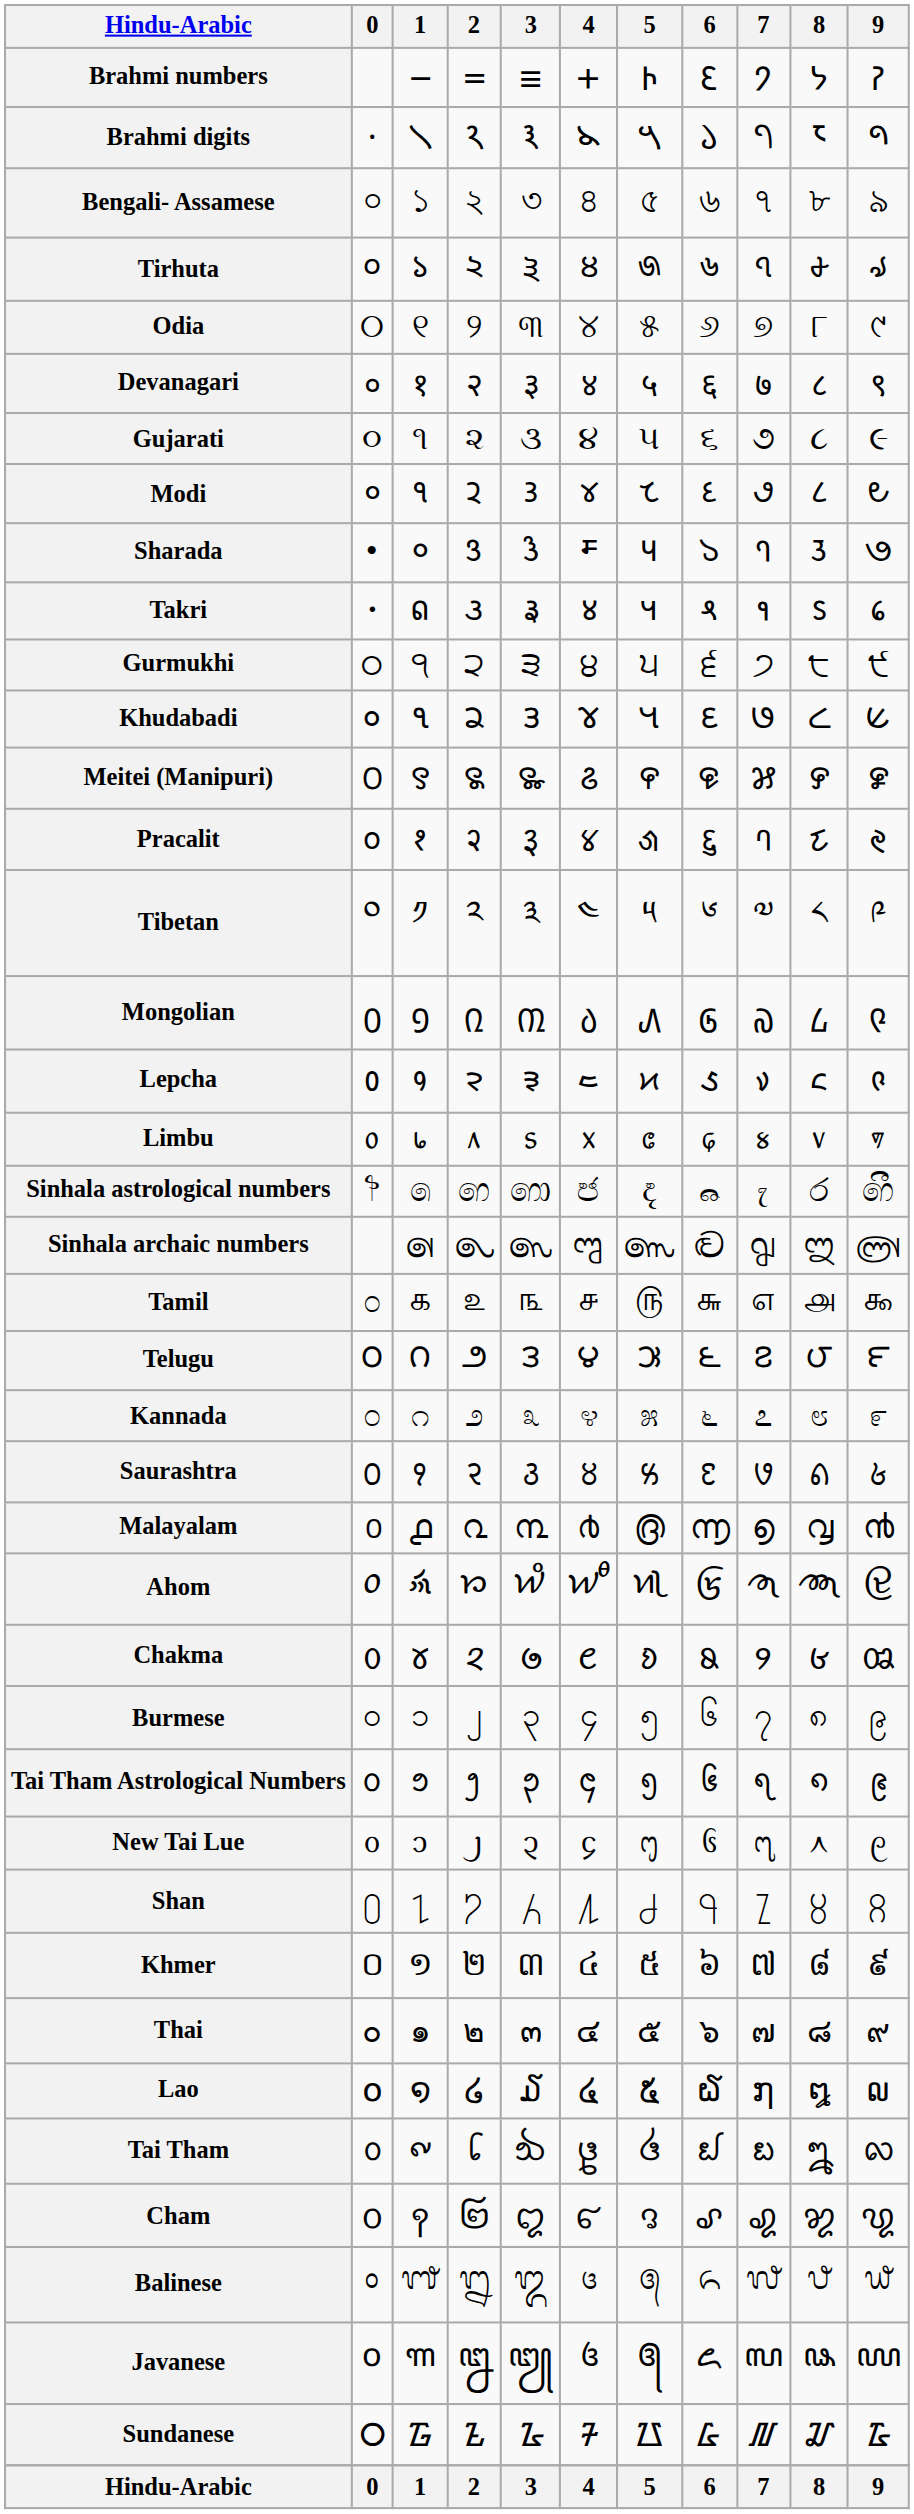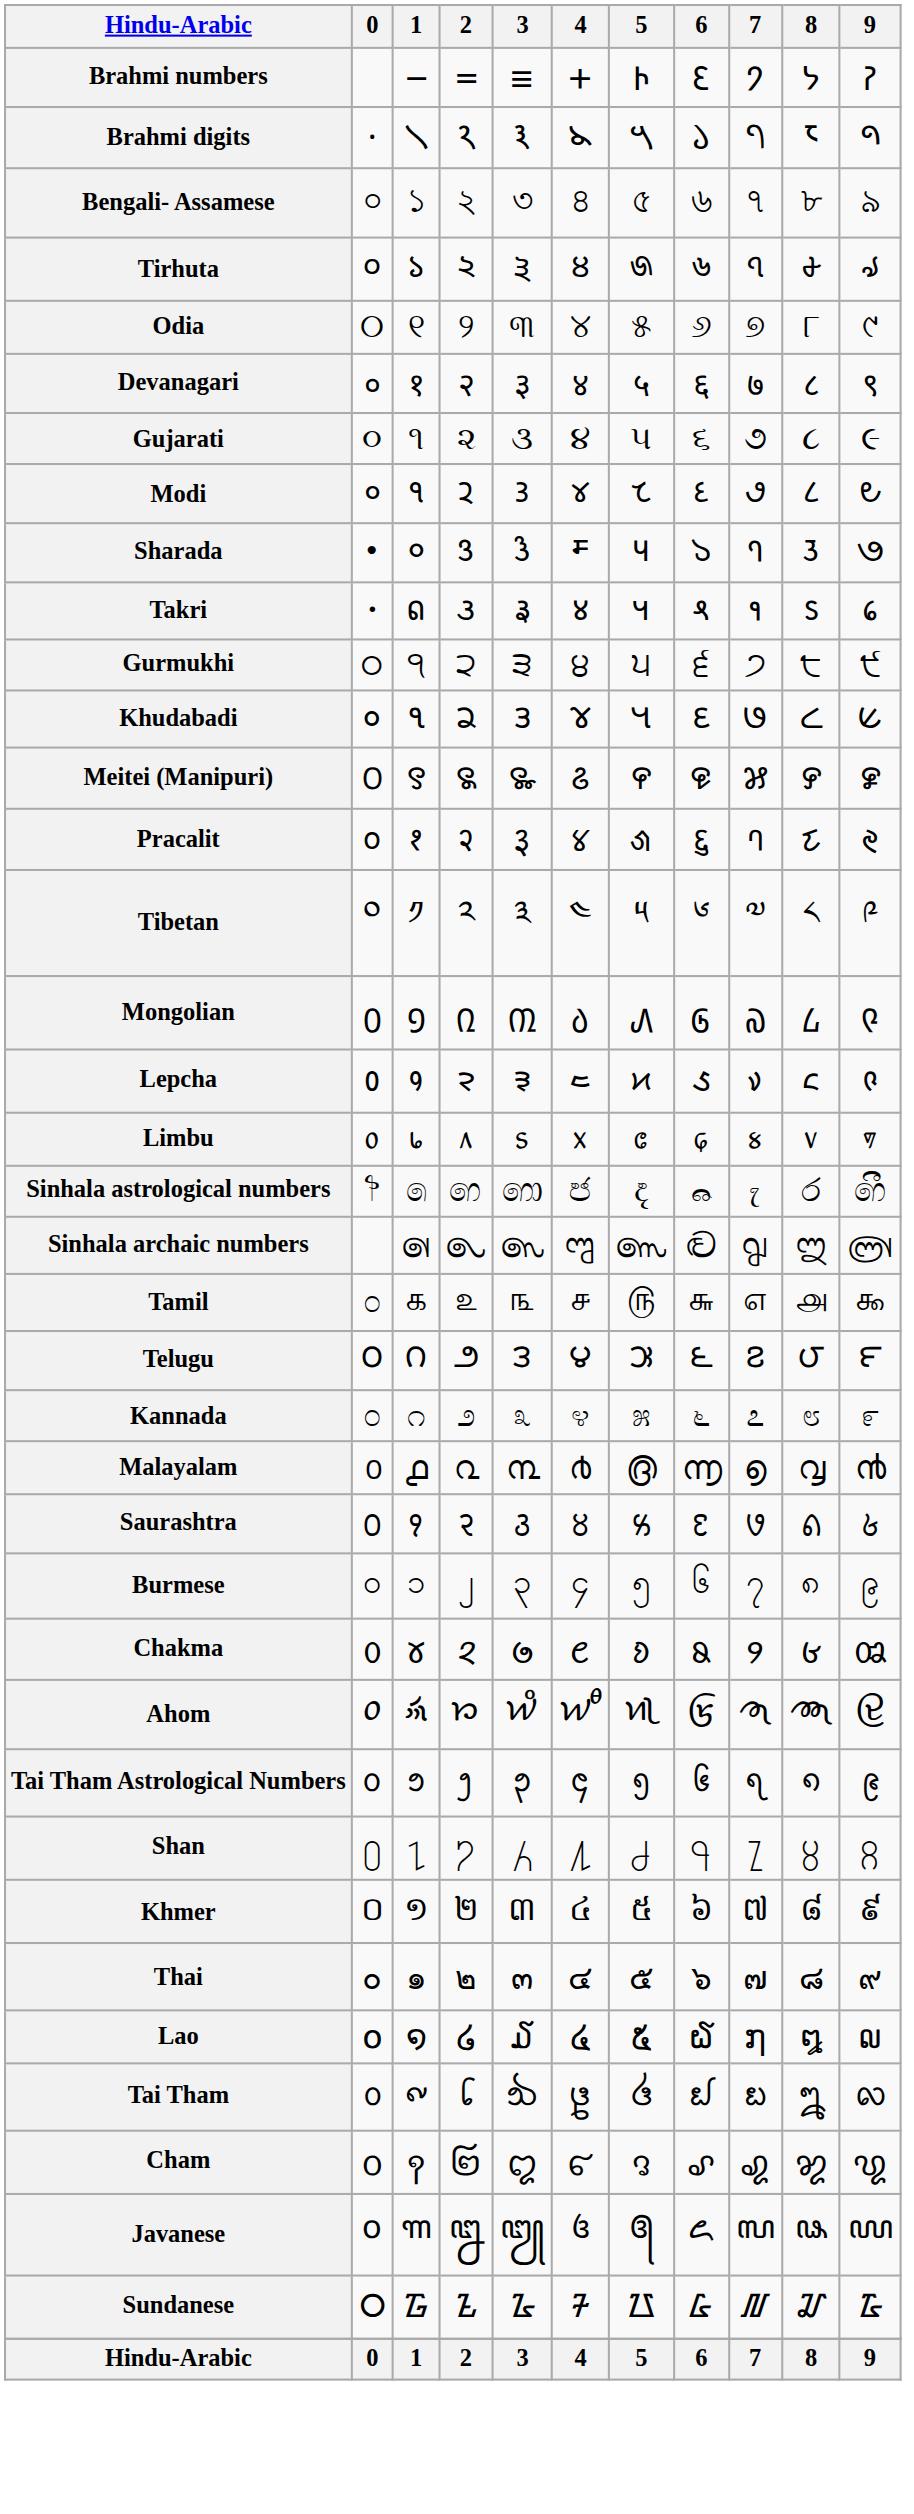 <table class="wikitable Unicode" style="text-align:center; font-size:100%;">
 <tr style="font-size: 75%;">
 <th><a href='#'>Hindu-Arabic</a></th>
 <th>0</th>
 <th>1</th>
 <th>2</th>
 <th>3</th>
 <th>4</th>
 <th>5</th>
 <th>6</th>
 <th>7</th>
 <th>8</th>
 <th>9</th>
 </tr>
 <tr>
 <th style="font-size: 75%;">Brahmi numbers</th>
 <td></td>
 <td>𑁒</td>
 <td>𑁓</td>
 <td>𑁔</td>
 <td>𑁕</td>
 <td>𑁖</td>
 <td>𑁗</td>
 <td>𑁘</td>
 <td>𑁙</td>
 <td>𑁚</td>
 </tr>
 <tr>
 <th style="font-size: 75%;">Brahmi digits</th>
 <td>𑁦</td>
 <td>𑁧</td>
 <td>𑁨</td>
 <td>𑁩</td>
 <td>𑁪</td>
 <td>𑁫</td>
 <td>𑁬</td>
 <td>𑁭</td>
 <td>𑁮</td>
 <td>𑁯</td>
 </tr>
 <tr>
 <th style="font-size: 75%;">Bengali- Assamese</th>
 <td>০</td>
 <td>১</td>
 <td>২</td>
 <td>৩</td>
 <td>৪</td>
 <td>৫</td>
 <td>৬</td>
 <td>৭</td>
 <td>৮</td>
 <td>৯</td>
 </tr>
 <tr>
 <th style="font-size: 75%;">Tirhuta</th>
 <td>𑓐</td>
 <td>𑓑</td>
 <td>𑓒</td>
 <td>𑓓</td>
 <td>𑓔</td>
 <td>𑓕</td>
 <td>𑓖</td>
 <td>𑓗</td>
 <td>𑓘</td>
 <td>𑓙</td>
 </tr>
 <tr>
 <th style="font-size: 75%;">Odia</th>
 <td>୦</td>
 <td>୧</td>
 <td>୨</td>
 <td>୩</td>
 <td>୪</td>
 <td>୫</td>
 <td>୬</td>
 <td>୭</td>
 <td>୮</td>
 <td>୯</td>
 </tr>
 <tr>
 <th style="font-size: 75%;">Devanagari</th>
 <td>०</td>
 <td>१</td>
 <td>२</td>
 <td>३</td>
 <td>४</td>
 <td>५</td>
 <td>६</td>
 <td>७</td>
 <td>८</td>
 <td>९<br></td>
 </tr>
 <tr>
 <th style="font-size: 75%;">Gujarati</th>
 <td>૦</td>
 <td>૧</td>
 <td>૨</td>
 <td>૩</td>
 <td>૪</td>
 <td>૫</td>
 <td>૬</td>
 <td>૭</td>
 <td>૮</td>
 <td>૯</td>
 </tr>
 <tr>
 <th style="font-size: 75%;">Modi</th>
 <td>𑙐‎</td>
 <td>𑙑‎</td>
 <td>𑙒</td>
 <td>𑙓‎</td>
 <td>𑙔‎</td>
 <td>𑙕</td>
 <td>𑙖‎</td>
 <td>𑙗</td>
 <td>𑙘‎</td>
 <td>𑙙</td>
 </tr>
 <tr>
 <th style="font-size: 75%;">Sharada</th>
 <td>𑇐</td>
 <td>𑇑</td>
 <td>𑇒</td>
 <td>𑇓</td>
 <td>𑇔</td>
 <td>𑇕</td>
 <td>𑇖</td>
 <td>𑇗</td>
 <td>𑇘</td>
 <td>𑇙</td>
 </tr>
 <tr>
 <th style="font-size: 75%;">Takri</th>
 <td>𑛀</td>
 <td>𑛁</td>
 <td>𑛂</td>
 <td>𑛃</td>
 <td>𑛄</td>
 <td>𑛅</td>
 <td>𑛆</td>
 <td>𑛇</td>
 <td>𑛈</td>
 <td>𑛉</td>
 </tr>
 <tr>
 <th style="font-size: 75%;">Gurmukhi</th>
 <td>੦</td>
 <td>੧</td>
 <td>੨</td>
 <td>੩</td>
 <td>੪</td>
 <td>੫</td>
 <td>੬</td>
 <td>੭</td>
 <td>੮</td>
 <td>੯</td>
 </tr>
 <tr>
 <th style="font-size: 75%;">Khudabadi</th>
 <td>𑋰</td>
 <td>𑋱</td>
 <td>𑋲</td>
 <td>𑋳</td>
 <td>𑋴</td>
 <td>𑋵</td>
 <td>𑋶</td>
 <td>𑋷</td>
 <td>𑋸</td>
 <td>𑋹</td>
 </tr>
 <tr>
 <th style="font-size: 75%">Meitei (Manipuri)</th>
 <td>꯰</td>
 <td>꯱</td>
 <td>꯲</td>
 <td>꯳</td>
 <td>꯴</td>
 <td>꯵</td>
 <td>꯶</td>
 <td>꯷</td>
 <td>꯸</td>
 <td>꯹</td>
 </tr>
 <tr>
 <th style="font-size: 75%;">Pracalit</th>
 <td>𑑐‎</td>
 <td>𑑑‎</td>
 <td>𑑒‎</td>
 <td>𑑓‎</td>
 <td>𑑔‎</td>
 <td>𑑕‎</td>
 <td>𑑖‎</td>
 <td>𑑗‎</td>
 <td>𑑘‎</td>
 <td>𑑙</td>
 </tr>
 <tr>
 <th style="font-size: 75%;">Tibetan</th>
 <td>༠</td>
 <td>༡</td>
 <td>༢</td>
 <td>༣</td>
 <td>༤</td>
 <td>༥</td>
 <td>༦</td>
 <td>༧</td>
 <td>༨</td>
 <td>༩</td>
 </tr>
 <tr>
 <th style="font-size: 75%;">Mongolian</th>
 <td>᠐</td>
 <td>᠑</td>
 <td>᠒</td>
 <td>᠓</td>
 <td>᠔</td>
 <td>᠕</td>
 <td>᠖</td>
 <td>᠗</td>
 <td>᠘</td>
 <td>᠙</td>
 </tr>
 <tr>
 <th style="font-size: 75%;">Lepcha</th>
 <td>᱀</td>
 <td>᱁</td>
 <td>᱂</td>
 <td>᱃</td>
 <td>᱄</td>
 <td>᱅</td>
 <td>᱆</td>
 <td>᱇</td>
 <td>᱈</td>
 <td>᱉</td>
 </tr>
 <tr>
 <th style="font-size: 75%;">Limbu</th>
 <td>᥆</td>
 <td>᥇</td>
 <td>᥈</td>
 <td>᥉</td>
 <td>᥊</td>
 <td>᥋</td>
 <td>᥌</td>
 <td>᥍</td>
 <td>᥎</td>
 <td>᥏</td>
 </tr>
 <tr>
 <th style="font-size: 75%;">Sinhala astrological numbers</th>
 <td>෦</td>
 <td>෧</td>
 <td>෨</td>
 <td>෩</td>
 <td>෪</td>
 <td>෫</td>
 <td>෬</td>
 <td>෭</td>
 <td>෮</td>
 <td>෯</td>
 </tr>
 <tr>
 <th style="font-size: 75%;">Sinhala archaic numbers</th>
 <td></td>
 <td>𑇡</td>
 <td>𑇢</td>
 <td>𑇣</td>
 <td>𑇤</td>
 <td>𑇥</td>
 <td>𑇦</td>
 <td>𑇧</td>
 <td>𑇨</td>
 <td>𑇩</td>
 </tr>
 <tr>
 <th style="font-size: 75%;">Tamil</th>
 <td>೦</td>
 <td>௧</td>
 <td>௨</td>
 <td>௩</td>
 <td>௪</td>
 <td>௫</td>
 <td>௬</td>
 <td>௭</td>
 <td>௮</td>
 <td>௯</td>
 </tr>
 <tr>
 <th style="font-size: 75%;">Telugu</th>
 <td>౦</td>
 <td>౧</td>
 <td>౨</td>
 <td>౩</td>
 <td>౪</td>
 <td>౫</td>
 <td>౬</td>
 <td>౭</td>
 <td>౮</td>
 <td>౯</td>
 </tr>
 <tr>
 <th style="font-size: 75%;">Kannada</th>
 <td>೦</td>
 <td>೧</td>
 <td>೨</td>
 <td>೩</td>
 <td>೪</td>
 <td>೫</td>
 <td>೬</td>
 <td>೭</td>
 <td>೮</td>
 <td>೯</td>
 </tr>
 <tr>
+<th style="font-size: 75%;">Malayalam</th>
+<td>൦</td>
+<td>൧</td>
+<td>൨</td>
+<td>൩</td>
+<td>൪</td>
+<td>൫</td>
+<td>൬</td>
+<td>൭</td>
+<td>൮</td>
+<td>൯</td>
+</tr>
+<tr>
 <th style="font-size: 75%;">Saurashtra</th>
 <td>꣐</td>
 <td>꣑</td>
 <td>꣒</td>
 <td>꣓</td>
 <td>꣔</td>
 <td>꣕</td>
 <td>꣖</td>
 <td>꣗</td>
 <td>꣘</td>
 <td>꣙</td>
 </tr>
 <tr>
-<th style="font-size: 75%;">Malayalam</th>
-<td>൦</td>
-<td>൧</td>
-<td>൨</td>
-<td>൩</td>
-<td>൪</td>
-<td>൫</td>
-<td>൬</td>
-<td>൭</td>
-<td>൮</td>
-<td>൯</td>
+<th style="font-size: 75%;">Burmese</th>
+<td>၀</td>
+<td>၁</td>
+<td>၂</td>
+<td>၃</td>
+<td>၄</td>
+<td>၅</td>
+<td>၆</td>
+<td>၇</td>
+<td>၈</td>
+<td>၉</td>
+</tr>
+<tr>
+<th style="font-size: 75%;">Chakma</th>
+<td>𑄶</td>
+<td>𑄷</td>
+<td>𑄸</td>
+<td>𑄹</td>
+<td>𑄺</td>
+<td>𑄻</td>
+<td>𑄼</td>
+<td>𑄽</td>
+<td>𑄾</td>
+<td>𑄿</td>
 </tr>
 <tr>
 <th style="font-size: 75%;">Ahom</th>
 <td>𑜰</td>
 <td>𑜱</td>
 <td>𑜲</td>
 <td>𑜳</td>
 <td>𑜴</td>
 <td>𑜵</td>
 <td>𑜶</td>
 <td>𑜷</td>
 <td>𑜸</td>
 <td>𑜹</td>
 </tr>
 <tr>
-<th style="font-size: 75%;">Chakma</th>
-<td>𑄶</td>
-<td>𑄷</td>
-<td>𑄸</td>
-<td>𑄹</td>
-<td>𑄺</td>
-<td>𑄻</td>
-<td>𑄼</td>
-<td>𑄽</td>
-<td>𑄾</td>
-<td>𑄿</td>
-</tr>
-<tr>
-<th style="font-size: 75%;">Burmese</th>
-<td>၀</td>
-<td>၁</td>
-<td>၂</td>
-<td>၃</td>
-<td>၄</td>
-<td>၅</td>
-<td>၆</td>
-<td>၇</td>
-<td>၈</td>
-<td>၉</td>
-</tr>
-<tr>
 <th style="font-size: 75%;">Tai Tham Astrological Numbers</th>
 <td>᪀</td>
 <td>᪁</td>
 <td>᪂</td>
 <td>᪃</td>
 <td>᪄</td>
 <td>᪅</td>
 <td>᪆</td>
 <td>᪇</td>
 <td>᪈</td>
 <td>᪉</td>
-</tr>
-<tr>
-<th style="font-size: 75%;">New Tai Lue</th>
-<td>᧐</td>
-<td>᧑</td>
-<td>᧒</td>
-<td>᧓</td>
-<td>᧔</td>
-<td>᧕</td>
-<td>᧖</td>
-<td>᧗</td>
-<td>᧘</td>
-<td>᧙</td>
 </tr>
 <tr>
 <th style="font-size: 75%;">Shan</th>
 <td>႐</td>
 <td>႑</td>
 <td>႒</td>
 <td>႓</td>
 <td>႔</td>
 <td>႕</td>
 <td>႖</td>
 <td>႗</td>
 <td>႘</td>
 <td>႙</td>
 </tr>
 <tr>
 <th style="font-size: 75%;">Khmer</th>
 <td>០</td>
 <td>១</td>
 <td>២</td>
 <td>៣</td>
 <td>៤</td>
 <td>៥</td>
 <td>៦</td>
 <td>៧</td>
 <td>៨</td>
 <td>៩</td>
 </tr>
 <tr>
 <th style="font-size: 75%;">Thai</th>
 <td>๐</td>
 <td>๑</td>
 <td>๒</td>
 <td>๓</td>
 <td>๔</td>
 <td>๕</td>
 <td>๖</td>
 <td>๗</td>
 <td>๘</td>
 <td>๙</td>
 </tr>
 <tr>
 <th style="font-size: 75%;">Lao</th>
 <td>໐</td>
 <td>໑</td>
 <td>໒</td>
 <td>໓</td>
 <td>໔</td>
 <td>໕</td>
 <td>໖</td>
 <td>໗</td>
 <td>໘</td>
 <td>໙</td>
 </tr>
 <tr>
 <th style="font-size: 75%;">Tai Tham</th>
 <td>᪐</td>
 <td>᪑</td>
 <td>᪒</td>
 <td>᪓</td>
 <td>᪔</td>
 <td>᪕</td>
 <td>᪖</td>
 <td>᪗</td>
 <td>᪘</td>
 <td>᪙</td>
 </tr>
 <tr>
 <th style="font-size: 75%;">Cham</th>
 <td>꩐</td>
 <td>꩑</td>
 <td>꩒</td>
 <td>꩓</td>
 <td>꩔</td>
 <td>꩕</td>
 <td>꩖</td>
 <td>꩗</td>
 <td>꩘</td>
 <td>꩙</td>
 </tr>
 <tr>
-<th style="font-size: 75%;">Balinese</th>
-<td>᭐</td>
-<td>᭑</td>
-<td>᭒</td>
-<td>᭓</td>
-<td>᭔</td>
-<td>᭕</td>
-<td>᭖</td>
-<td>᭗</td>
-<td>᭘</td>
-<td>᭙</td>
-</tr>
-<tr>
 <th style="font-size: 75%;">Javanese</th>
 <td>꧐</td>
 <td>꧑</td>
 <td>꧒</td>
 <td>꧓</td>
 <td>꧔</td>
 <td>꧕</td>
 <td>꧖</td>
 <td>꧗</td>
 <td>꧘</td>
 <td>꧙</td>
 </tr>
 <tr>
 <th style="font-size: 75%;">Sundanese</th>
 <td>᮰</td>
 <td>᮱</td>
 <td>᮲</td>
 <td>᮳</td>
 <td>᮴</td>
 <td>᮵</td>
 <td>᮶</td>
 <td>᮷</td>
 <td>᮸</td>
 <td>᮹<br>  </td>
 </tr>
 <tr>
 </tr>
 <tr style="font-size: 75%;">
 <th>Hindu-Arabic</th>
 <th>0</th>
 <th>1</th>
 <th>2</th>
 <th>3</th>
 <th>4</th>
 <th>5</th>
 <th>6</th>
 <th>7</th>
 <th>8</th>
 <th>9</th>
 </tr>
 </table>
